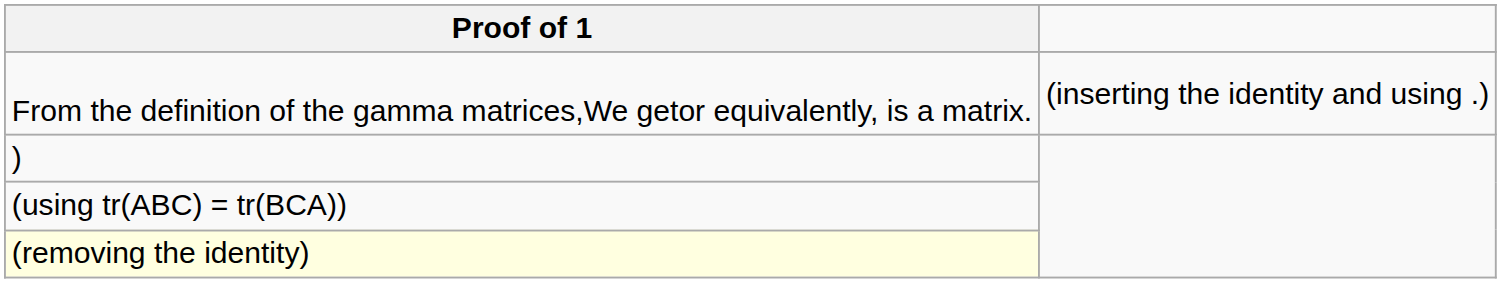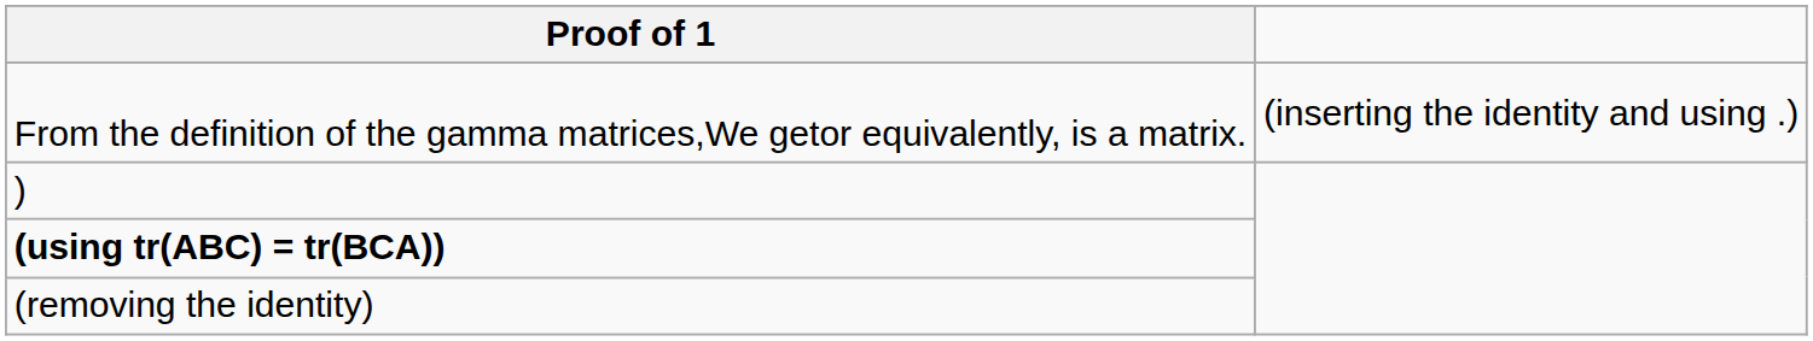 <table class="wikitable collapsible collapsed">
 <tr>
 <th>Proof of 1</th>
 </tr>
 <tr>
 <td><br>From the definition of the gamma matrices,We getor equivalently, is a matrix.</td>
 <td> (inserting the identity and using  .)</td>
 </tr>
 <tr>
 <td>)</td>
 </tr>
 <tr>
-<td> (using tr(ABC) = tr(BCA))</td>
+<td><strong> (using tr(ABC) = tr(BCA))</strong></td>
 </tr>
 <tr>
-<td style="background: lightyellow;"> (removing the identity)</td>
+<td> (removing the identity)</td>
 </tr>
 </table>
